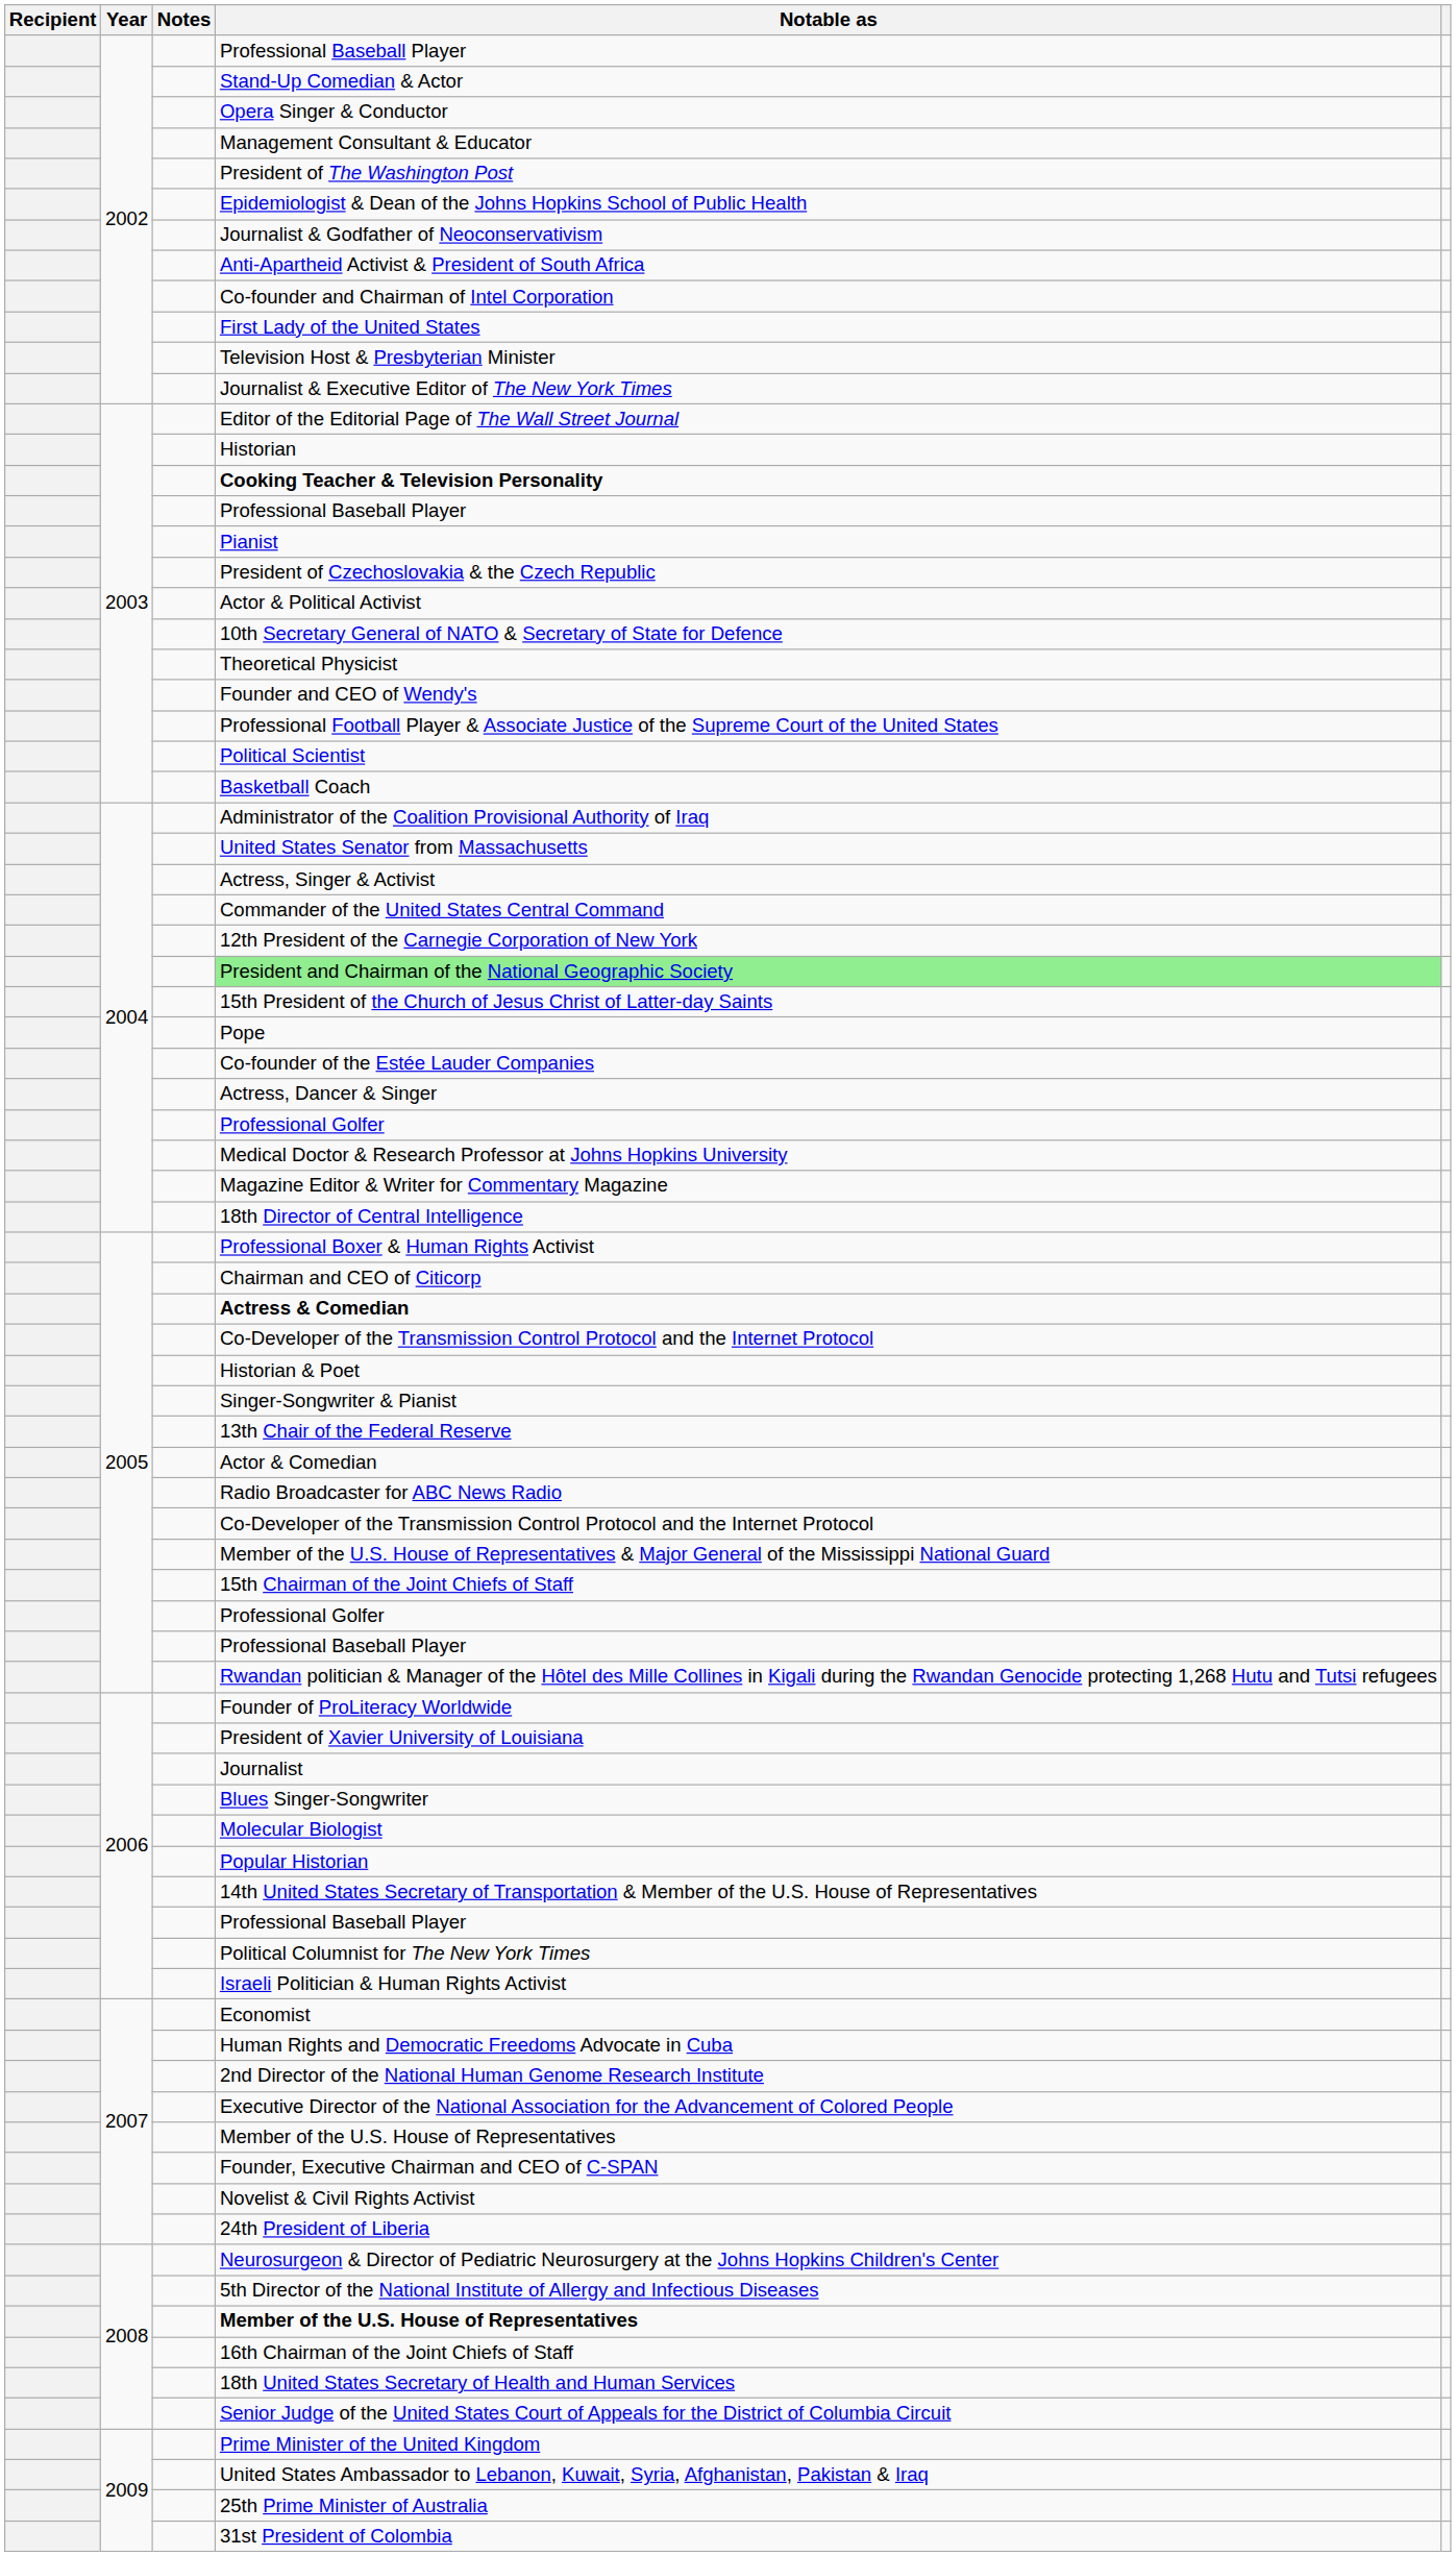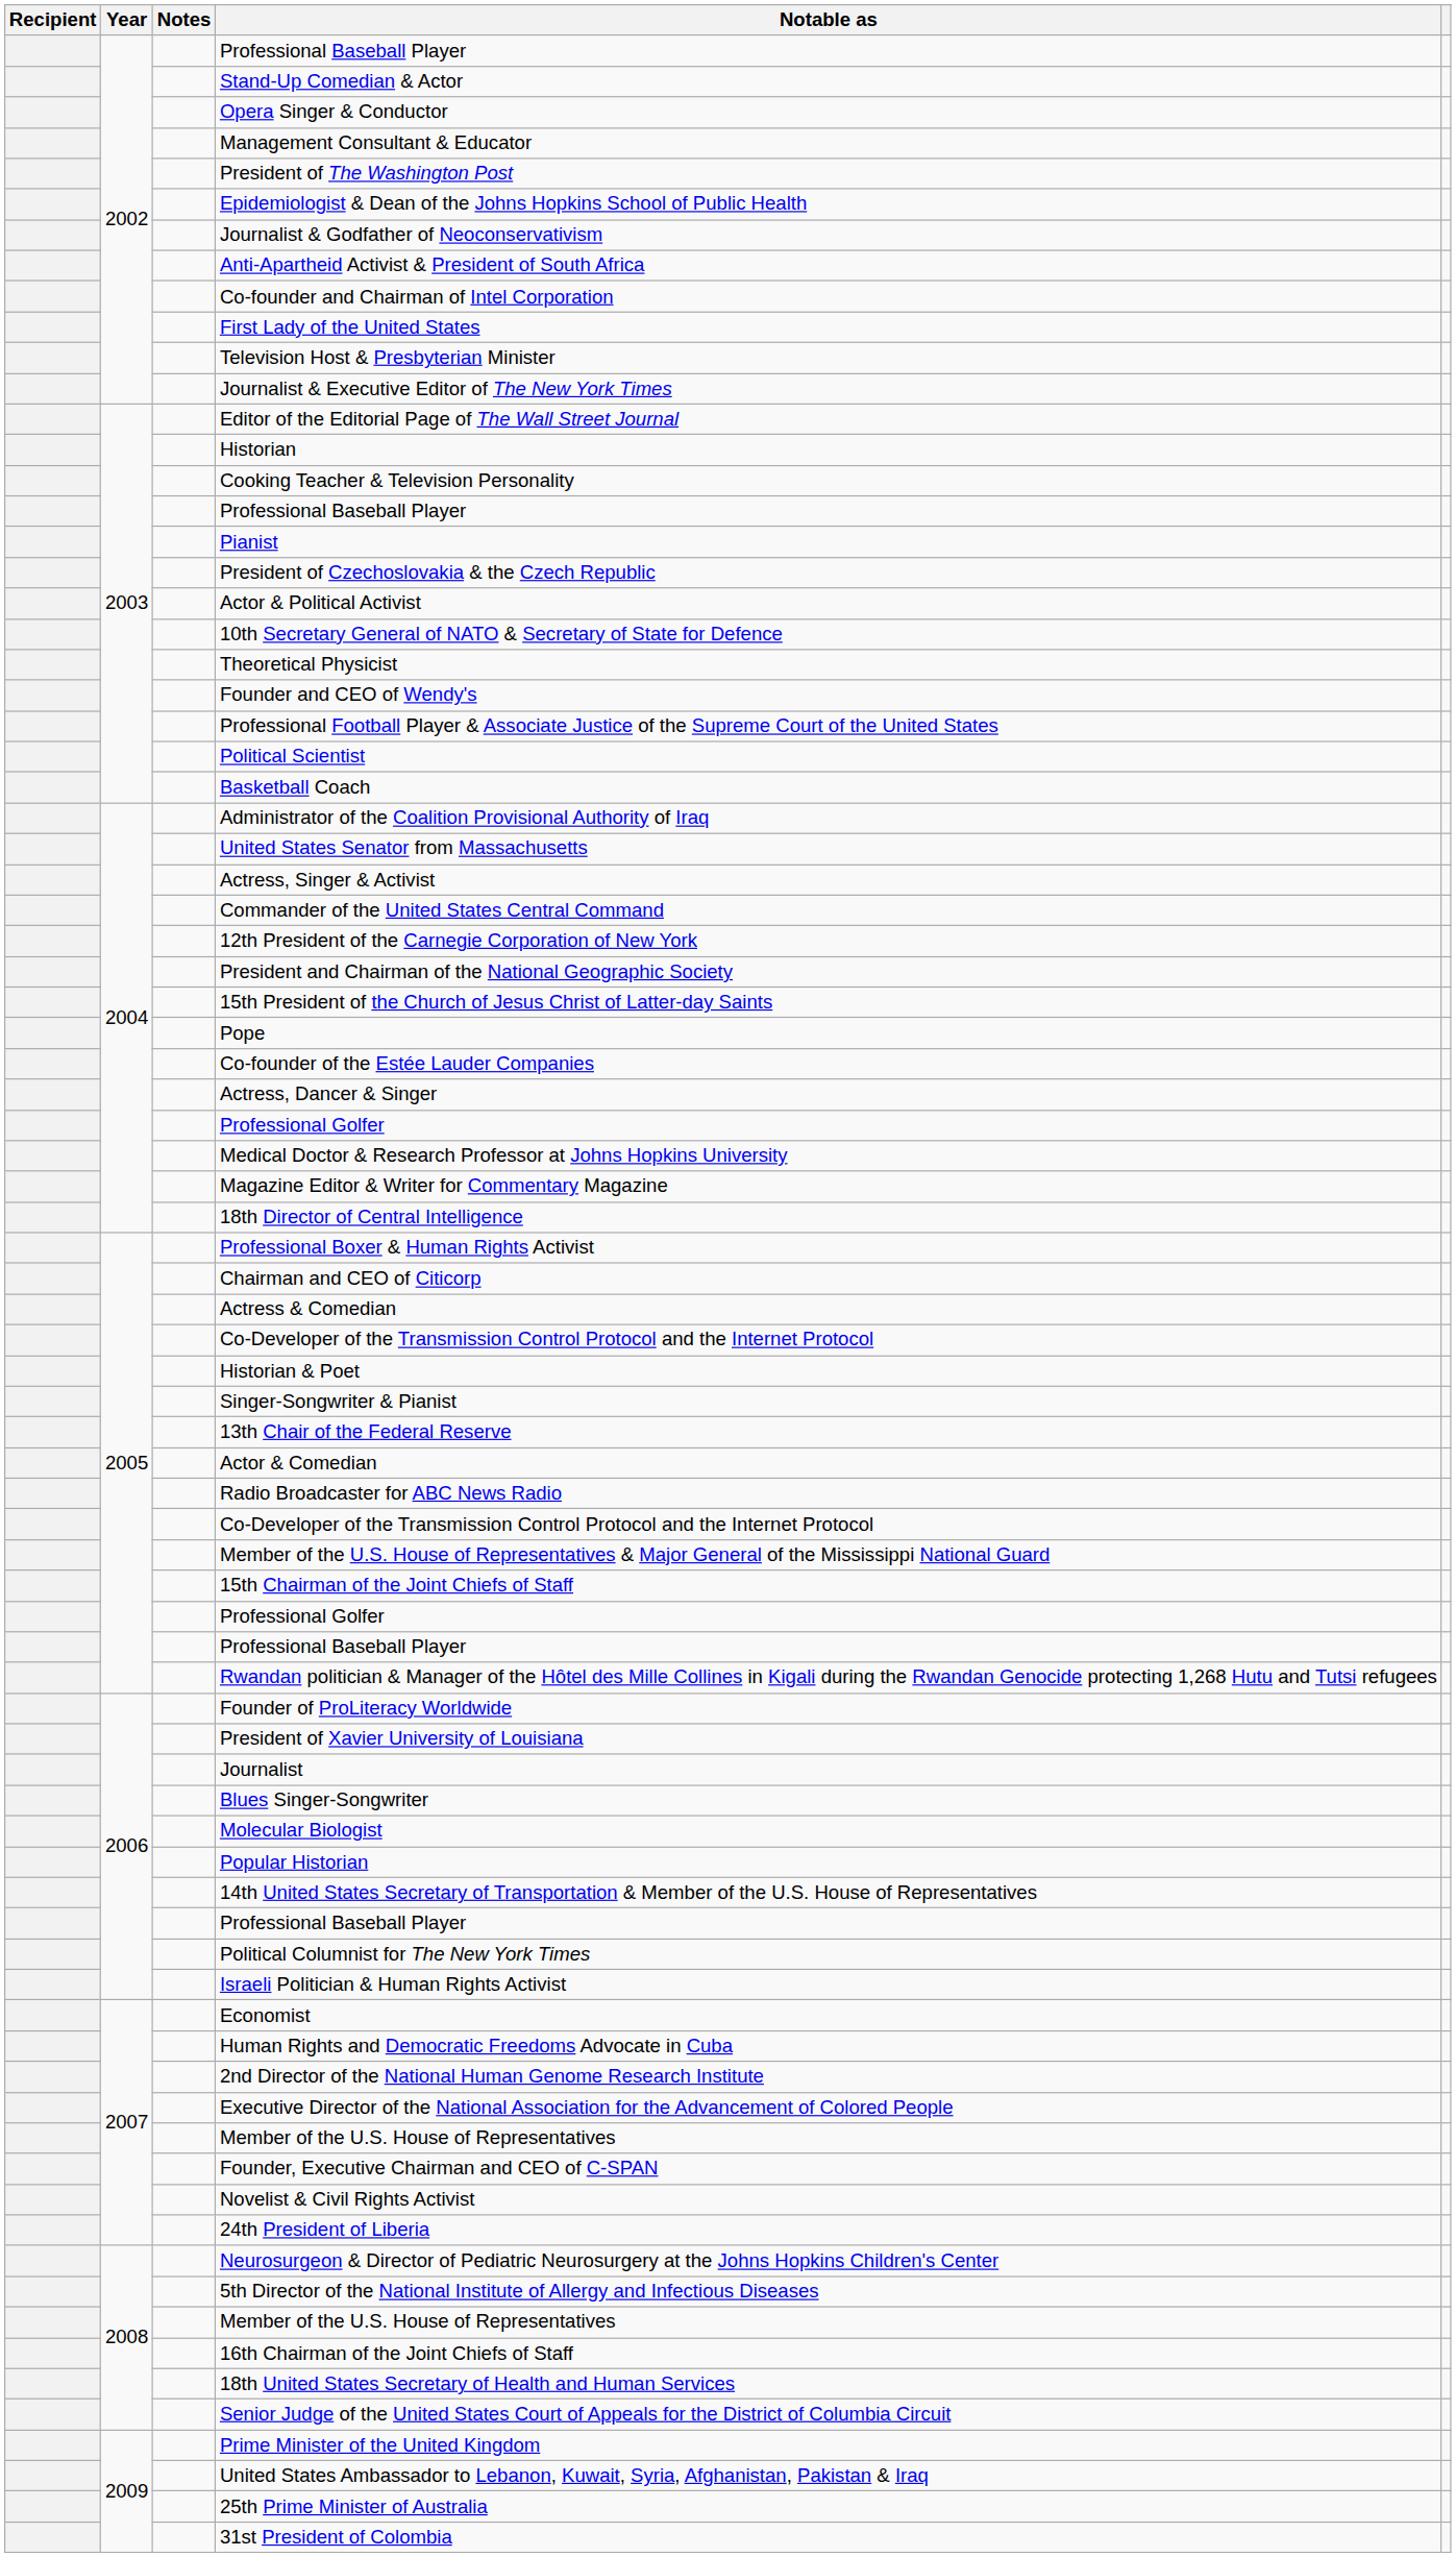 <table class="wikitable sortable plainrowheaders">
 <tr>
 <th>Recipient</th>
 <th>Year</th>
 <th>Notes</th>
 <th>Notable as</th>
 <th class="unsortable"></th>
 </tr>
 <tr>
 <th scope="row"></th>
 <td rowspan="12">2002</td>
 <td></td>
 <td>Professional <a href='#'>Baseball</a> Player</td>
 <td></td>
 </tr>
 <tr>
 <th scope="row"></th>
 <td></td>
 <td><a href='#'>Stand-Up Comedian</a> & Actor</td>
 <td></td>
 </tr>
 <tr>
 <th scope="row"></th>
 <td></td>
 <td><a href='#'>Opera</a> Singer & Conductor</td>
 <td></td>
 </tr>
 <tr>
 <th scope="row"></th>
 <td></td>
 <td>Management Consultant & Educator</td>
 <td></td>
 </tr>
 <tr>
 <th scope="row"></th>
 <td></td>
 <td>President of <em><a href='#'>The Washington Post</a></em></td>
 <td></td>
 </tr>
 <tr>
 <th scope="row"></th>
 <td></td>
 <td><a href='#'>Epidemiologist</a> & Dean of the <a href='#'>Johns Hopkins School of Public Health</a></td>
 <td></td>
 </tr>
 <tr>
 <th scope="row"></th>
 <td></td>
 <td>Journalist & Godfather of <a href='#'>Neoconservativism</a></td>
 <td></td>
 </tr>
 <tr>
 <th scope="row"></th>
 <td></td>
 <td><a href='#'>Anti-Apartheid</a> Activist & <a href='#'>President of South Africa</a></td>
 <td></td>
 </tr>
 <tr>
 <th scope="row"></th>
 <td></td>
 <td>Co-founder and Chairman of <a href='#'>Intel Corporation</a></td>
 <td></td>
 </tr>
 <tr>
 <th scope="row"></th>
 <td></td>
 <td><a href='#'>First Lady of the United States</a></td>
 <td></td>
 </tr>
 <tr>
 <th scope="row"></th>
 <td></td>
 <td>Television Host & <a href='#'>Presbyterian</a> Minister</td>
 <td></td>
 </tr>
 <tr>
 <th scope="row"></th>
 <td></td>
 <td>Journalist & Executive Editor of <em><a href='#'>The New York Times</a></em></td>
 <td></td>
 </tr>
 <tr>
 <th scope="row"></th>
 <td rowspan="13">2003</td>
 <td></td>
 <td>Editor of the Editorial Page of <em><a href='#'>The Wall Street Journal</a></em></td>
 <td></td>
 </tr>
 <tr>
 <th scope="row"></th>
 <td></td>
 <td>Historian</td>
 <td></td>
 </tr>
 <tr>
 <th scope="row"></th>
 <td></td>
-<td><strong>Cooking Teacher & Television Personality</strong></td>
+<td>Cooking Teacher & Television Personality</td>
 <td></td>
 </tr>
 <tr>
 <th scope="row"></th>
 <td></td>
 <td>Professional Baseball Player</td>
 <td></td>
 </tr>
 <tr>
 <th scope="row"></th>
 <td></td>
 <td><a href='#'>Pianist</a></td>
 <td></td>
 </tr>
 <tr>
 <th scope="row"></th>
 <td></td>
 <td>President of <a href='#'>Czechoslovakia</a> & the <a href='#'>Czech Republic</a></td>
 <td></td>
 </tr>
 <tr>
 <th scope="row"></th>
 <td></td>
 <td>Actor & Political Activist</td>
 <td></td>
 </tr>
 <tr>
 <th scope="row"></th>
 <td></td>
 <td>10th <a href='#'>Secretary General of NATO</a> & <a href='#'>Secretary of State for Defence</a></td>
 <td></td>
 </tr>
 <tr>
 <th scope="row"></th>
 <td></td>
 <td>Theoretical Physicist</td>
 <td></td>
 </tr>
 <tr>
 <th scope="row"></th>
 <td></td>
 <td>Founder and CEO of <a href='#'>Wendy's</a></td>
 <td></td>
 </tr>
 <tr>
 <th scope="row"></th>
 <td></td>
 <td>Professional <a href='#'>Football</a> Player & <a href='#'>Associate Justice</a> of the <a href='#'>Supreme Court of the United States</a></td>
 <td></td>
 </tr>
 <tr>
 <th scope="row"></th>
 <td></td>
 <td><a href='#'>Political Scientist</a></td>
 <td></td>
 </tr>
 <tr>
 <th scope="row"></th>
 <td></td>
 <td><a href='#'>Basketball</a> Coach</td>
 <td></td>
 </tr>
 <tr>
 <th scope="row"></th>
 <td rowspan="14">2004</td>
 <td></td>
 <td>Administrator of the <a href='#'>Coalition Provisional Authority</a> of <a href='#'>Iraq</a></td>
 <td></td>
 </tr>
 <tr>
 <th scope="row"></th>
 <td></td>
 <td><a href='#'>United States Senator</a> from <a href='#'>Massachusetts</a></td>
 <td></td>
 </tr>
 <tr>
 <th scope="row"></th>
 <td></td>
 <td>Actress, Singer & Activist</td>
 <td></td>
 </tr>
 <tr>
 <th scope="row"></th>
 <td></td>
 <td>Commander of the <a href='#'>United States Central Command</a></td>
 <td></td>
 </tr>
 <tr>
 <th scope="row"></th>
 <td></td>
 <td>12th President of the <a href='#'>Carnegie Corporation of New York</a></td>
 <td></td>
 </tr>
 <tr>
 <th scope="row"></th>
 <td></td>
-<td style="background: lightgreen;">President and Chairman of the <a href='#'>National Geographic Society</a></td>
+<td>President and Chairman of the <a href='#'>National Geographic Society</a></td>
 <td></td>
 </tr>
 <tr>
 <th scope="row"></th>
 <td></td>
 <td>15th President of <a href='#'>the Church of Jesus Christ of Latter-day Saints</a></td>
 <td></td>
 </tr>
 <tr>
 <th scope="row"></th>
 <td></td>
 <td>Pope</td>
 <td></td>
 </tr>
 <tr>
 <th scope="row"></th>
 <td></td>
 <td>Co-founder of the <a href='#'>Estée Lauder Companies</a></td>
 <td></td>
 </tr>
 <tr>
 <th scope="row"></th>
 <td></td>
 <td>Actress, Dancer & Singer</td>
 <td></td>
 </tr>
 <tr>
 <th scope="row"></th>
 <td></td>
 <td><a href='#'>Professional Golfer</a></td>
 <td></td>
 </tr>
 <tr>
 <th scope="row"></th>
 <td></td>
 <td>Medical Doctor & Research Professor at <a href='#'>Johns Hopkins University</a></td>
 <td></td>
 </tr>
 <tr>
 <th scope="row"></th>
 <td></td>
 <td>Magazine Editor & Writer for <a href='#'>Commentary</a> Magazine</td>
 <td></td>
 </tr>
 <tr>
 <th scope="row"></th>
 <td></td>
 <td>18th <a href='#'>Director of Central Intelligence</a></td>
 <td></td>
 </tr>
 <tr>
 <th scope="row"></th>
 <td rowspan="15">2005</td>
 <td></td>
 <td><a href='#'>Professional Boxer</a> & <a href='#'>Human Rights</a> Activist</td>
 <td></td>
 </tr>
 <tr>
 <th scope="row"></th>
 <td></td>
 <td>Chairman and CEO of <a href='#'>Citicorp</a></td>
 <td></td>
 </tr>
 <tr>
 <th scope="row"></th>
 <td></td>
-<td><strong>Actress & Comedian</strong></td>
+<td>Actress & Comedian</td>
 <td></td>
 </tr>
 <tr>
 <th scope="row"></th>
 <td></td>
 <td>Co-Developer of the <a href='#'>Transmission Control Protocol</a> and the <a href='#'>Internet Protocol</a></td>
 <td></td>
 </tr>
 <tr>
 <th scope="row"></th>
 <td></td>
 <td>Historian & Poet</td>
 <td></td>
 </tr>
 <tr>
 <th scope="row"></th>
 <td></td>
 <td>Singer-Songwriter & Pianist</td>
 <td></td>
 </tr>
 <tr>
 <th scope="row"></th>
 <td></td>
 <td>13th <a href='#'>Chair of the Federal Reserve</a></td>
 <td></td>
 </tr>
 <tr>
 <th scope="row"></th>
 <td></td>
 <td>Actor & Comedian</td>
 <td></td>
 </tr>
 <tr>
 <th scope="row"></th>
 <td></td>
 <td>Radio Broadcaster for <a href='#'>ABC News Radio</a></td>
 <td></td>
 </tr>
 <tr>
 <th scope="row"></th>
 <td></td>
 <td>Co-Developer of the Transmission Control Protocol and the Internet Protocol</td>
 <td></td>
 </tr>
 <tr>
 <th scope="row"></th>
 <td></td>
 <td>Member of the <a href='#'>U.S. House of Representatives</a> & <a href='#'>Major General</a> of the Mississippi <a href='#'>National Guard</a></td>
 <td></td>
 </tr>
 <tr>
 <th scope="row"></th>
 <td></td>
 <td>15th <a href='#'>Chairman of the Joint Chiefs of Staff</a></td>
 <td></td>
 </tr>
 <tr>
 <th scope="row"></th>
 <td></td>
 <td>Professional Golfer</td>
 <td></td>
 </tr>
 <tr>
 <th scope="row"></th>
 <td></td>
 <td>Professional Baseball Player</td>
 <td></td>
 </tr>
 <tr>
 <th scope="row"></th>
 <td></td>
 <td><a href='#'>Rwandan</a> politician & Manager of the <a href='#'>Hôtel des Mille Collines</a> in <a href='#'>Kigali</a> during the <a href='#'>Rwandan Genocide</a> protecting 1,268 <a href='#'>Hutu</a> and <a href='#'>Tutsi</a> refugees</td>
 <td></td>
 </tr>
 <tr>
 <th scope="row"></th>
 <td rowspan="10">2006</td>
 <td></td>
 <td>Founder of <a href='#'>ProLiteracy Worldwide</a></td>
 <td></td>
 </tr>
 <tr>
 <th scope="row"></th>
 <td></td>
 <td>President of <a href='#'>Xavier University of Louisiana</a></td>
 <td></td>
 </tr>
 <tr>
 <th scope="row"></th>
 <td></td>
 <td>Journalist</td>
 <td></td>
 </tr>
 <tr>
 <th scope="row"></th>
 <td></td>
 <td><a href='#'>Blues</a> Singer-Songwriter</td>
 <td></td>
 </tr>
 <tr>
 <th scope="row"></th>
 <td></td>
 <td><a href='#'>Molecular Biologist</a></td>
 <td></td>
 </tr>
 <tr>
 <th scope="row"></th>
 <td></td>
 <td><a href='#'>Popular Historian</a></td>
 <td></td>
 </tr>
 <tr>
 <th scope="row"></th>
 <td></td>
 <td>14th <a href='#'>United States Secretary of Transportation</a> & Member of the U.S. House of Representatives</td>
 <td></td>
 </tr>
 <tr>
 <th scope="row"></th>
 <td></td>
 <td>Professional Baseball Player</td>
 <td></td>
 </tr>
 <tr>
 <th scope="row"></th>
 <td></td>
 <td>Political Columnist for <em>The New York Times</em></td>
 <td></td>
 </tr>
 <tr>
 <th scope="row"></th>
 <td></td>
 <td><a href='#'>Israeli</a> Politician & Human Rights Activist</td>
 <td></td>
 </tr>
 <tr>
 <th scope="row"></th>
 <td rowspan="8">2007</td>
 <td></td>
 <td>Economist</td>
 <td></td>
 </tr>
 <tr>
 <th scope="row"></th>
 <td></td>
 <td>Human Rights and <a href='#'>Democratic Freedoms</a> Advocate in <a href='#'>Cuba</a></td>
 <td></td>
 </tr>
 <tr>
 <th scope="row"></th>
 <td></td>
 <td>2nd Director of the <a href='#'>National Human Genome Research Institute</a></td>
 <td></td>
 </tr>
 <tr>
 <th scope="row"></th>
 <td></td>
 <td>Executive Director of the <a href='#'>National Association for the Advancement of Colored People</a></td>
 <td></td>
 </tr>
 <tr>
 <th scope="row"></th>
 <td></td>
 <td>Member of the U.S. House of Representatives</td>
 <td></td>
 </tr>
 <tr>
 <th scope="row"></th>
 <td></td>
 <td>Founder, Executive Chairman and CEO of <a href='#'>C-SPAN</a></td>
 <td></td>
 </tr>
 <tr>
 <th scope="row"></th>
 <td></td>
 <td>Novelist & Civil Rights Activist</td>
 <td></td>
 </tr>
 <tr>
 <th scope="row"></th>
 <td></td>
 <td>24th <a href='#'>President of Liberia</a></td>
 <td></td>
 </tr>
 <tr>
 <th scope="row"></th>
 <td rowspan="6">2008</td>
 <td></td>
 <td><a href='#'>Neurosurgeon</a> & Director of Pediatric Neurosurgery at the <a href='#'>Johns Hopkins Children's Center</a></td>
 <td></td>
 </tr>
 <tr>
 <th scope="row"></th>
 <td></td>
 <td>5th Director of the <a href='#'>National Institute of Allergy and Infectious Diseases</a></td>
 <td></td>
 </tr>
 <tr>
 <th scope="row"></th>
 <td></td>
-<td><strong>Member of the U.S. House of Representatives</strong></td>
+<td>Member of the U.S. House of Representatives</td>
 <td></td>
 </tr>
 <tr>
 <th scope="row"></th>
 <td></td>
 <td>16th Chairman of the Joint Chiefs of Staff</td>
 <td></td>
 </tr>
 <tr>
 <th scope="row"></th>
 <td></td>
 <td>18th <a href='#'>United States Secretary of Health and Human Services</a></td>
 <td></td>
 </tr>
 <tr>
 <th scope="row"></th>
 <td></td>
 <td><a href='#'>Senior Judge</a> of the <a href='#'>United States Court of Appeals for the District of Columbia Circuit</a></td>
 <td></td>
 </tr>
 <tr>
 <th scope="row"></th>
 <td rowspan="4">2009</td>
 <td></td>
 <td><a href='#'>Prime Minister of the United Kingdom</a></td>
 <td></td>
 </tr>
 <tr>
 <th scope="row"></th>
 <td></td>
 <td>United States Ambassador to <a href='#'>Lebanon</a>, <a href='#'>Kuwait</a>, <a href='#'>Syria</a>, <a href='#'>Afghanistan</a>, <a href='#'>Pakistan</a> & <a href='#'>Iraq</a></td>
 <td></td>
 </tr>
 <tr>
 <th scope="row"></th>
 <td></td>
 <td>25th <a href='#'>Prime Minister of Australia</a></td>
 <td></td>
 </tr>
 <tr>
 <th scope="row"></th>
 <td></td>
 <td>31st <a href='#'>President of Colombia</a></td>
 <td></td>
 </tr>
 </table>
